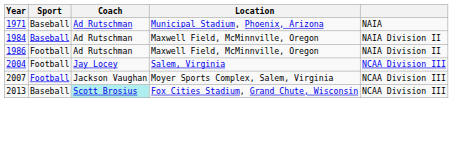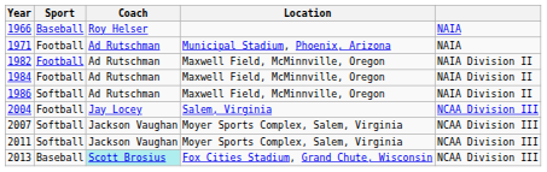 <table class="wikitable sortable" style="text-align: ">
 <tr>
 <th>Year</th>
 <th>Sport</th>
 <th>Coach</th>
 <th>Location</th>
 <th></th>
 </tr>
 <tr>
+<td><a href='#'>1966</a></td>
+<td><a href='#'>Baseball</a></td>
+<td><a href='#'>Roy Helser</a></td>
+<td></td>
+<td><a href='#'>NAIA</a></td>
+</tr>
+<tr>
 <td><a href='#'>1971</a></td>
-<td>Baseball</td>
+<td>Football</td>
 <td><a href='#'>Ad Rutschman</a></td>
 <td><a href='#'>Municipal Stadium</a>, <a href='#'>Phoenix, Arizona</a></td>
 <td>NAIA</td>
 </tr>
 <tr>
+<td><a href='#'>1982</a></td>
+<td><a href='#'>Football</a></td>
+<td>Ad Rutschman</td>
+<td>Maxwell Field, McMinnville, Oregon</td>
+<td>NAIA Division II</td>
+</tr>
+<tr>
 <td><a href='#'>1984</a></td>
-<td><a href='#'>Baseball</a></td>
+<td>Football</td>
 <td>Ad Rutschman</td>
 <td>Maxwell Field, McMinnville, Oregon</td>
 <td>NAIA Division II</td>
 </tr>
 <tr>
 <td><a href='#'>1986</a></td>
-<td>Football</td>
+<td>Softball</td>
 <td>Ad Rutschman</td>
 <td>Maxwell Field, McMinnville, Oregon</td>
 <td>NAIA Division II</td>
 </tr>
 <tr>
 <td><a href='#'>2004</a></td>
 <td>Football</td>
 <td><a href='#'>Jay Locey</a></td>
 <td><a href='#'>Salem, Virginia</a></td>
 <td><a href='#'>NCAA Division III</a></td>
 </tr>
 <tr>
 <td>2007</td>
-<td><a href='#'>Football</a></td>
+<td>Softball</td>
+<td>Jackson Vaughan</td>
+<td>Moyer Sports Complex, Salem, Virginia</td>
+<td>NCAA Division III</td>
+</tr>
+<tr>
+<td>2011</td>
+<td>Softball</td>
 <td>Jackson Vaughan</td>
 <td>Moyer Sports Complex, Salem, Virginia</td>
 <td>NCAA Division III</td>
 </tr>
 <tr>
 <td>2013</td>
 <td>Baseball</td>
 <td style="background: paleturquoise;"><a href='#'>Scott Brosius</a></td>
 <td><a href='#'>Fox Cities Stadium</a>, <a href='#'>Grand Chute, Wisconsin</a></td>
 <td>NCAA Division III</td>
 </tr>
 </table>
